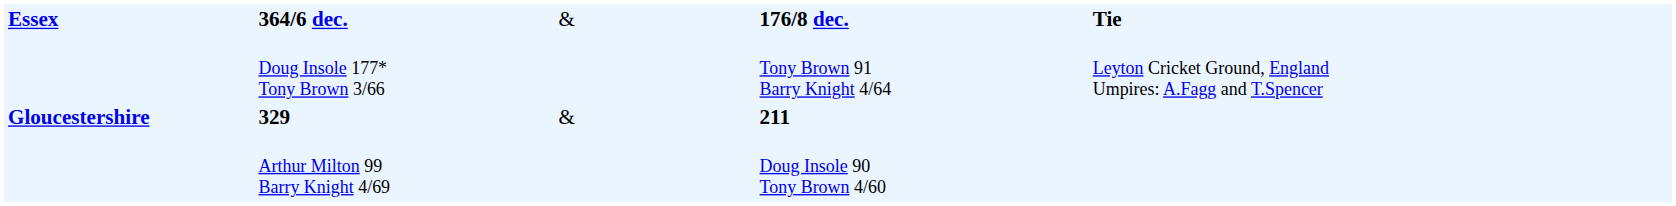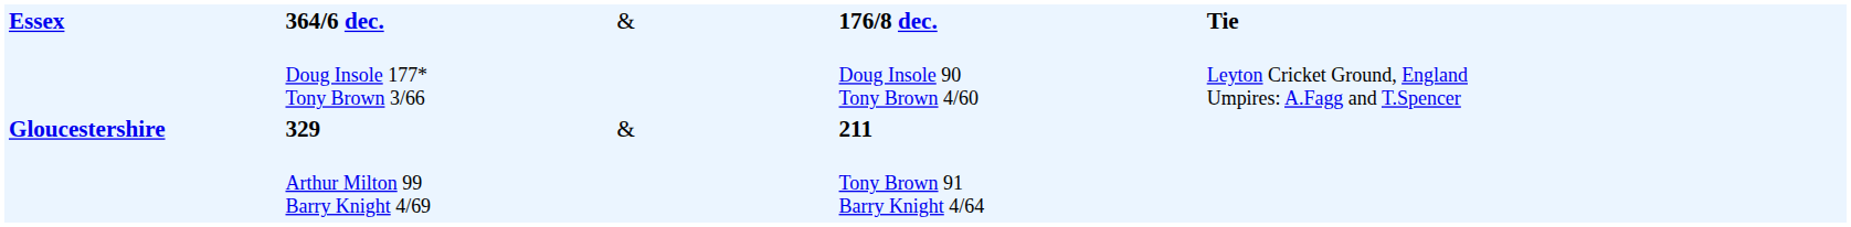 <table width="100%" style="background: #EBF5FF">
 <tr>
 <td width="15%" valign="top" rowspan="2"><strong><a href='#'>Essex</a></strong></td>
 <td width="18%"><strong>364/6 <a href='#'>dec.</a></strong></td>
 <td width="12%">&</td>
 <td width="20%"><strong>176/8 <a href='#'>dec.</a></strong></td>
 <td width="35%"><strong>Tie</strong></td>
 </tr>
 <tr>
 <td style="font-size: 85%;" valign="top"><br><a href='#'>Doug Insole</a> 177*<br> <a href='#'>Tony Brown</a> 3/66</td>
 <td></td>
-<td valign="top" style="font-size: 85%;"><br><a href='#'>Tony Brown</a> 91<br> <a href='#'>Barry Knight</a> 4/64</td>
+<td style="font-size: 85%;"><br><a href='#'>Doug Insole</a> 90<br> <a href='#'>Tony Brown</a> 4/60</td>
 <td valign="top" style="font-size: 85%;" rowspan="3"><br><a href='#'>Leyton</a> Cricket Ground, <a href='#'>England</a><br> Umpires: <a href='#'>A.Fagg</a> and <a href='#'>T.Spencer</a></td>
 </tr>
 <tr>
 <td valign="top" rowspan="2"><strong><a href='#'>Gloucestershire</a></strong></td>
 <td><strong>329</strong></td>
 <td>&</td>
 <td><strong>211</strong></td>
 </tr>
 <tr>
 <td style="font-size: 85%;"><br><a href='#'>Arthur Milton</a> 99<br> <a href='#'>Barry Knight</a> 4/69</td>
 <td></td>
-<td style="font-size: 85%;"><br><a href='#'>Doug Insole</a> 90<br> <a href='#'>Tony Brown</a> 4/60</td>
+<td valign="top" style="font-size: 85%;"><br><a href='#'>Tony Brown</a> 91<br> <a href='#'>Barry Knight</a> 4/64</td>
 </tr>
 </table>
